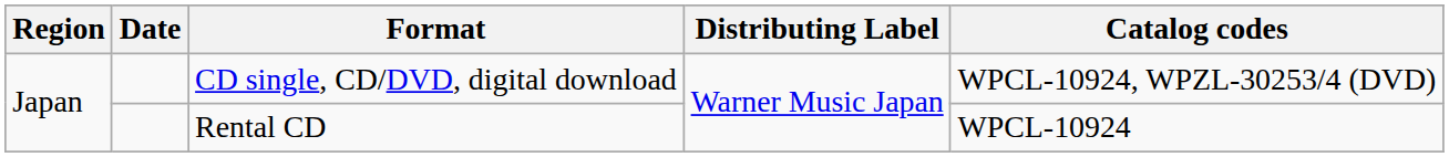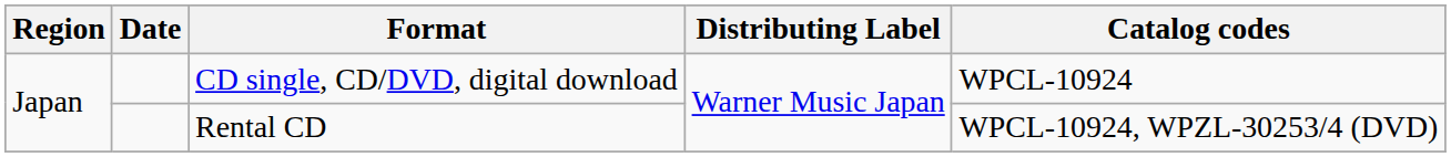 <table class="wikitable">
 <tr>
 <th>Region</th>
 <th>Date</th>
 <th>Format</th>
 <th>Distributing Label</th>
 <th>Catalog codes</th>
 </tr>
 <tr>
 <td rowspan="2">Japan</td>
 <td></td>
 <td><a href='#'>CD single</a>, CD/<a href='#'>DVD</a>, digital download</td>
 <td rowspan="2"><a href='#'>Warner Music Japan</a></td>
-<td>WPCL-10924, WPZL-30253/4 (DVD)</td>
+<td rowspan="1">WPCL-10924</td>
 </tr>
 <tr>
 <td></td>
 <td>Rental CD</td>
-<td rowspan="1">WPCL-10924</td>
+<td>WPCL-10924, WPZL-30253/4 (DVD)</td>
 </tr>
 </table>
